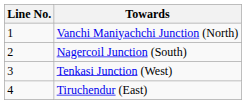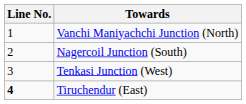 <table class="wikitable">
 <tr>
 <th>Line No.</th>
 <th>Towards</th>
 </tr>
 <tr>
 <td>1</td>
 <td><a href='#'>Vanchi Maniyachchi Junction</a> (North)</td>
 </tr>
 <tr>
 <td>2</td>
 <td><a href='#'>Nagercoil Junction</a> (South)</td>
 </tr>
 <tr>
 <td>3</td>
 <td><a href='#'>Tenkasi Junction</a> (West)</td>
 </tr>
 <tr>
-<td>4</td>
+<td><strong>4</strong></td>
 <td><a href='#'>Tiruchendur</a> (East)</td>
 </tr>
 </table>
